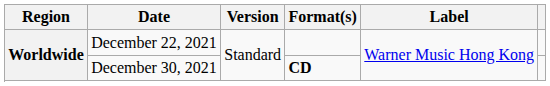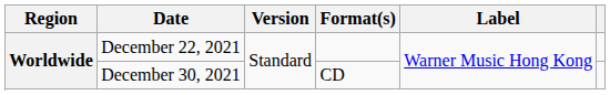 <table class="wikitable plainrowheaders">
 <tr>
 <th scope="col">Region</th>
 <th scope="col">Date</th>
 <th scope="col">Version</th>
 <th scope="col">Format(s)</th>
 <th scope="col">Label</th>
 <th scope="col"></th>
 </tr>
 <tr>
 <th scope="row" rowspan="3">Worldwide</th>
 <td>December 22, 2021</td>
 <td rowspan="2">Standard</td>
 <td></td>
 <td rowspan="3"><a href='#'>Warner Music Hong Kong</a></td>
 <td style="text-align:center;"></td>
 </tr>
 <tr>
 <td>December 30, 2021</td>
-<td><strong>CD</strong></td>
+<td>CD</td>
 <td style="text-align:center;"></td>
 </tr>
 <tr>
 </tr>
 </table>
